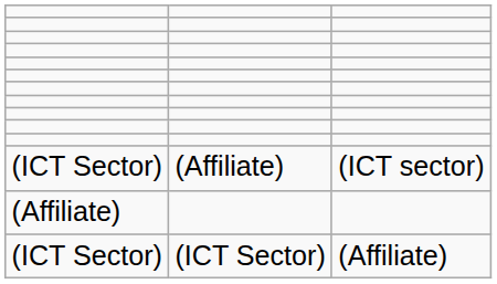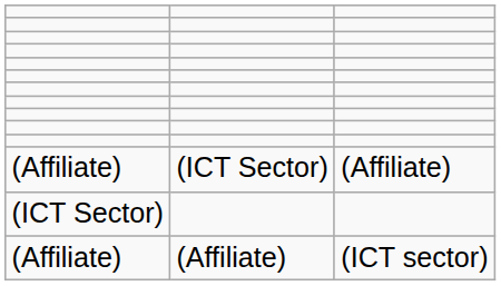 <table class="wikitable">
 <tr>
 <td></td>
 <td></td>
 <td></td>
 </tr>
 <tr>
 <td></td>
 <td></td>
 <td></td>
 </tr>
 <tr>
 <td></td>
 <td></td>
 <td></td>
 </tr>
 <tr>
 <td></td>
 <td></td>
 <td></td>
 </tr>
 <tr>
 <td></td>
 <td></td>
 <td></td>
 </tr>
 <tr>
 <td></td>
 <td></td>
 <td></td>
 </tr>
 <tr>
 <td></td>
 <td></td>
 <td></td>
 </tr>
 <tr>
 <td></td>
 <td></td>
 <td></td>
 </tr>
 <tr>
 <td></td>
 <td></td>
 <td></td>
 </tr>
 <tr>
 <td></td>
 <td></td>
 <td></td>
 </tr>
 <tr>
 <td></td>
 <td></td>
 <td></td>
 </tr>
 <tr>
+<td> (Affiliate)</td>
 <td> (ICT Sector)</td>
 <td> (Affiliate)</td>
-<td> (ICT sector)</td>
 </tr>
 <tr>
-<td> (Affiliate)</td>
+<td> (ICT Sector)</td>
 <td></td>
 <td></td>
 </tr>
 <tr>
-<td> (ICT Sector)</td>
-<td> (ICT Sector)</td>
 <td> (Affiliate)</td>
+<td> (Affiliate)</td>
+<td> (ICT sector)</td>
 </tr>
 </table>
